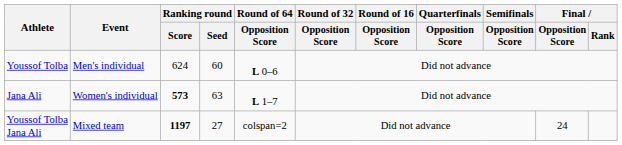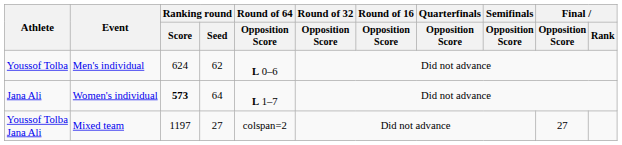 <table class="wikitable" style="font-size:90%; text-align:center">
 <tr>
 <th rowspan=2>Athlete</th>
 <th rowspan=2>Event</th>
 <th colspan="2">Ranking round</th>
 <th>Round of 64</th>
 <th>Round of 32</th>
 <th>Round of 16</th>
 <th>Quarterfinals</th>
 <th>Semifinals</th>
 <th colspan="2">Final / </th>
 </tr>
 <tr style="font-size:95%">
 <th>Score</th>
 <th>Seed</th>
 <th>Opposition<br>Score</th>
 <th>Opposition<br>Score</th>
 <th>Opposition<br>Score</th>
 <th>Opposition<br>Score</th>
 <th>Opposition<br>Score</th>
 <th>Opposition<br>Score</th>
 <th>Rank</th>
 </tr>
 <tr align=center>
 <td align=left><a href='#'>Youssof Tolba</a></td>
 <td align=left><a href='#'>Men's individual</a></td>
 <td>624</td>
-<td>60</td>
+<td>62</td>
 <td><br> <strong>L</strong> 0–6</td>
 <td colspan="6">Did not advance</td>
 </tr>
 <tr align=center>
 <td align=left><a href='#'>Jana Ali</a></td>
 <td align=left><a href='#'>Women's individual</a></td>
 <td><strong>573</strong></td>
-<td>63</td>
+<td>64</td>
 <td><br> <strong>L</strong> 1–7</td>
 <td colspan="6">Did not advance</td>
 </tr>
 <tr align=center>
 <td align=left><a href='#'>Youssof Tolba</a><br><a href='#'>Jana Ali</a></td>
 <td align=left><a href='#'>Mixed team</a></td>
-<td><strong>1197</strong></td>
+<td>1197</td>
 <td>27</td>
 <td>colspan=2 </td>
 <td colspan="4">Did not advance</td>
-<td>24</td>
+<td>27</td>
 </tr>
 </table>
